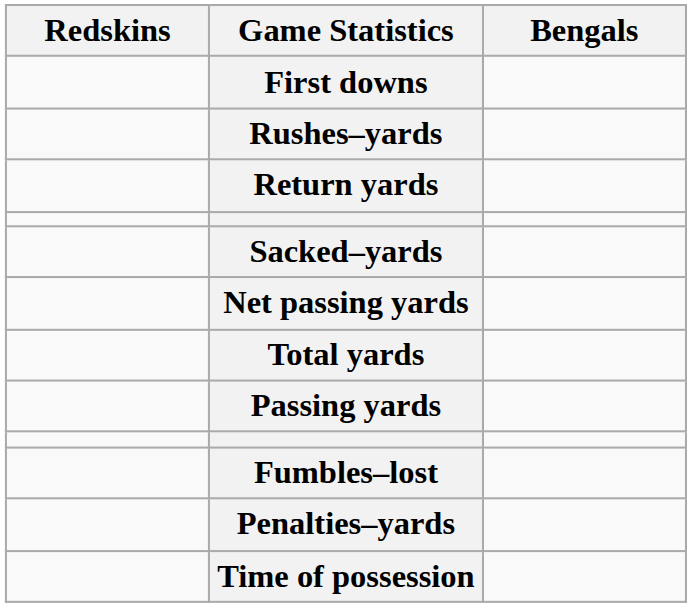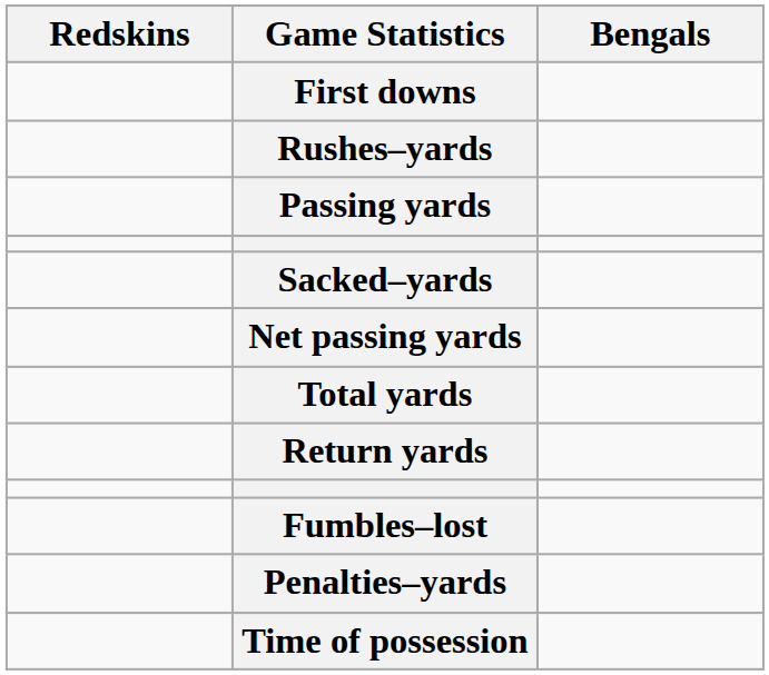 <table class="wikitable" style="margin: 1em auto 1em auto">
 <tr>
 <th style="width:30%;">Redskins</th>
 <th style="width:40%;">Game Statistics</th>
 <th style="width:30%;">Bengals</th>
 </tr>
 <tr>
 <td style="text-align:right;"></td>
 <th>First downs</th>
 <td></td>
 </tr>
 <tr>
 <td style="text-align:right;"></td>
 <th>Rushes–yards</th>
 <td></td>
 </tr>
 <tr>
 <td style="text-align:right;"></td>
-<th>Return yards</th>
+<th>Passing yards</th>
 <td></td>
 </tr>
 <tr>
 <td style="text-align:right;"></td>
 <th></th>
 <td></td>
 </tr>
 <tr>
 <td style="text-align:right;"></td>
 <th>Sacked–yards</th>
 <td></td>
 </tr>
 <tr>
 <td style="text-align:right;"></td>
 <th>Net passing yards</th>
 <td></td>
 </tr>
 <tr>
 <td style="text-align:right;"></td>
 <th>Total yards</th>
 <td></td>
 </tr>
 <tr>
 <td style="text-align:right;"></td>
-<th>Passing yards</th>
+<th>Return yards</th>
 <td></td>
 </tr>
 <tr>
 <td style="text-align:right;"></td>
 <th></th>
 <td></td>
 </tr>
 <tr>
 <td style="text-align:right;"></td>
 <th>Fumbles–lost</th>
 <td></td>
 </tr>
 <tr>
 <td style="text-align:right;"></td>
 <th>Penalties–yards</th>
 <td></td>
 </tr>
 <tr>
 <td style="text-align:right;"></td>
 <th>Time of possession</th>
 <td></td>
 </tr>
 </table>
